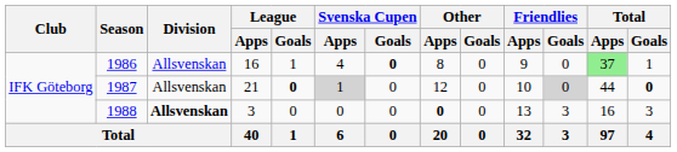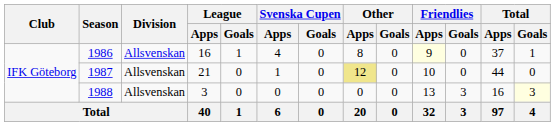 <table class="wikitable" style="text-align:center">
 <tr>
 <th rowspan="2">Club</th>
 <th rowspan="2">Season</th>
 <th rowspan="2">Division</th>
 <th colspan="2">League</th>
 <th colspan="2"><a href='#'>Svenska Cupen</a></th>
 <th colspan="2">Other</th>
 <th colspan="2"><a href='#'>Friendlies</a></th>
 <th colspan="2">Total</th>
 </tr>
 <tr>
 <th>Apps</th>
 <th>Goals</th>
 <th>Apps</th>
 <th>Goals</th>
 <th>Apps</th>
 <th>Goals</th>
 <th>Apps</th>
 <th>Goals</th>
 <th>Apps</th>
 <th>Goals</th>
 </tr>
 <tr>
 <td rowspan="3"><a href='#'>IFK Göteborg</a></td>
 <td><a href='#'>1986</a></td>
 <td><a href='#'>Allsvenskan</a></td>
 <td>16</td>
 <td>1</td>
 <td>4</td>
-<td><strong>0</strong></td>
+<td>0</td>
 <td>8</td>
 <td>0</td>
-<td>9</td>
+<td style="background: lightyellow;">9</td>
 <td>0</td>
-<td style="background: lightgreen;">37</td>
+<td>37</td>
 <td>1</td>
 </tr>
 <tr>
 <td><a href='#'>1987</a></td>
 <td>Allsvenskan</td>
 <td>21</td>
-<td><strong>0</strong></td>
-<td style="background: lightgrey;">1</td>
 <td>0</td>
-<td>12</td>
+<td>1</td>
+<td>0</td>
+<td style="background: khaki;">12</td>
 <td>0</td>
 <td>10</td>
-<td style="background: lightgrey;">0</td>
+<td>0</td>
 <td>44</td>
-<td><strong>0</strong></td>
+<td>0</td>
 </tr>
 <tr>
 <td><a href='#'>1988</a></td>
-<td><strong>Allsvenskan</strong></td>
+<td>Allsvenskan</td>
 <td>3</td>
 <td>0</td>
 <td>0</td>
 <td>0</td>
-<td><strong>0</strong></td>
+<td>0</td>
 <td>0</td>
 <td>13</td>
 <td>3</td>
 <td>16</td>
-<td>3</td>
+<td style="background: lightyellow;">3</td>
 </tr>
 <tr>
 <th colspan="3">Total</th>
 <th>40</th>
 <th>1</th>
 <th>6</th>
 <th>0</th>
 <th>20</th>
 <th>0</th>
 <th>32</th>
 <th>3</th>
 <th>97</th>
 <th>4</th>
 </tr>
 </table>
